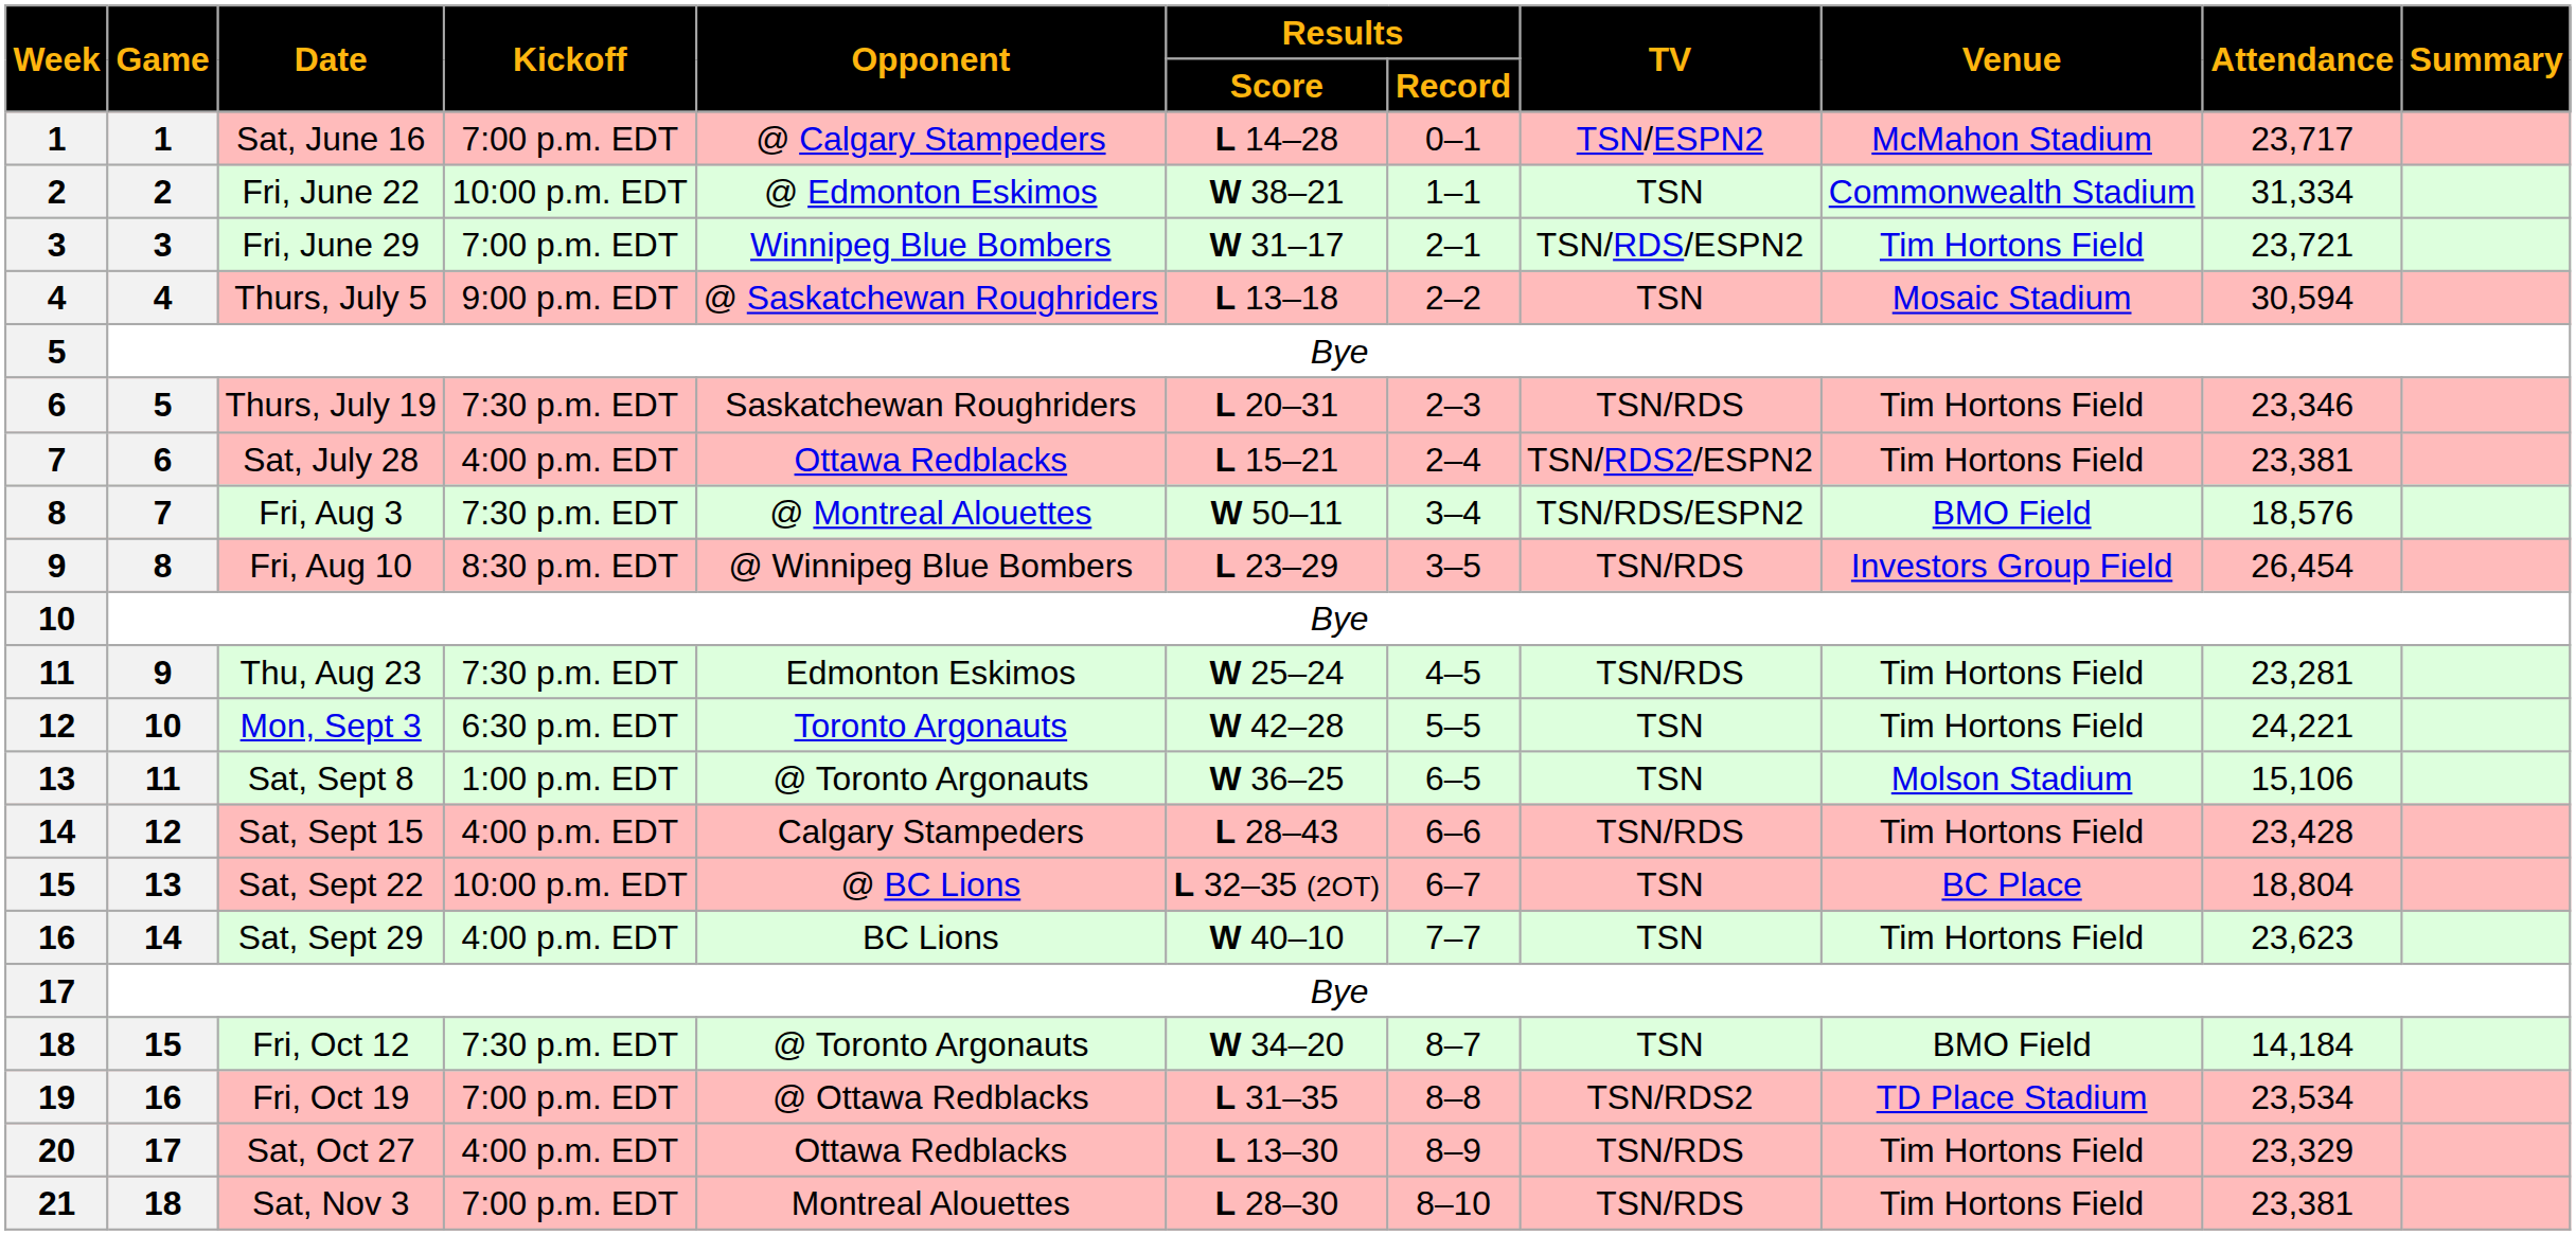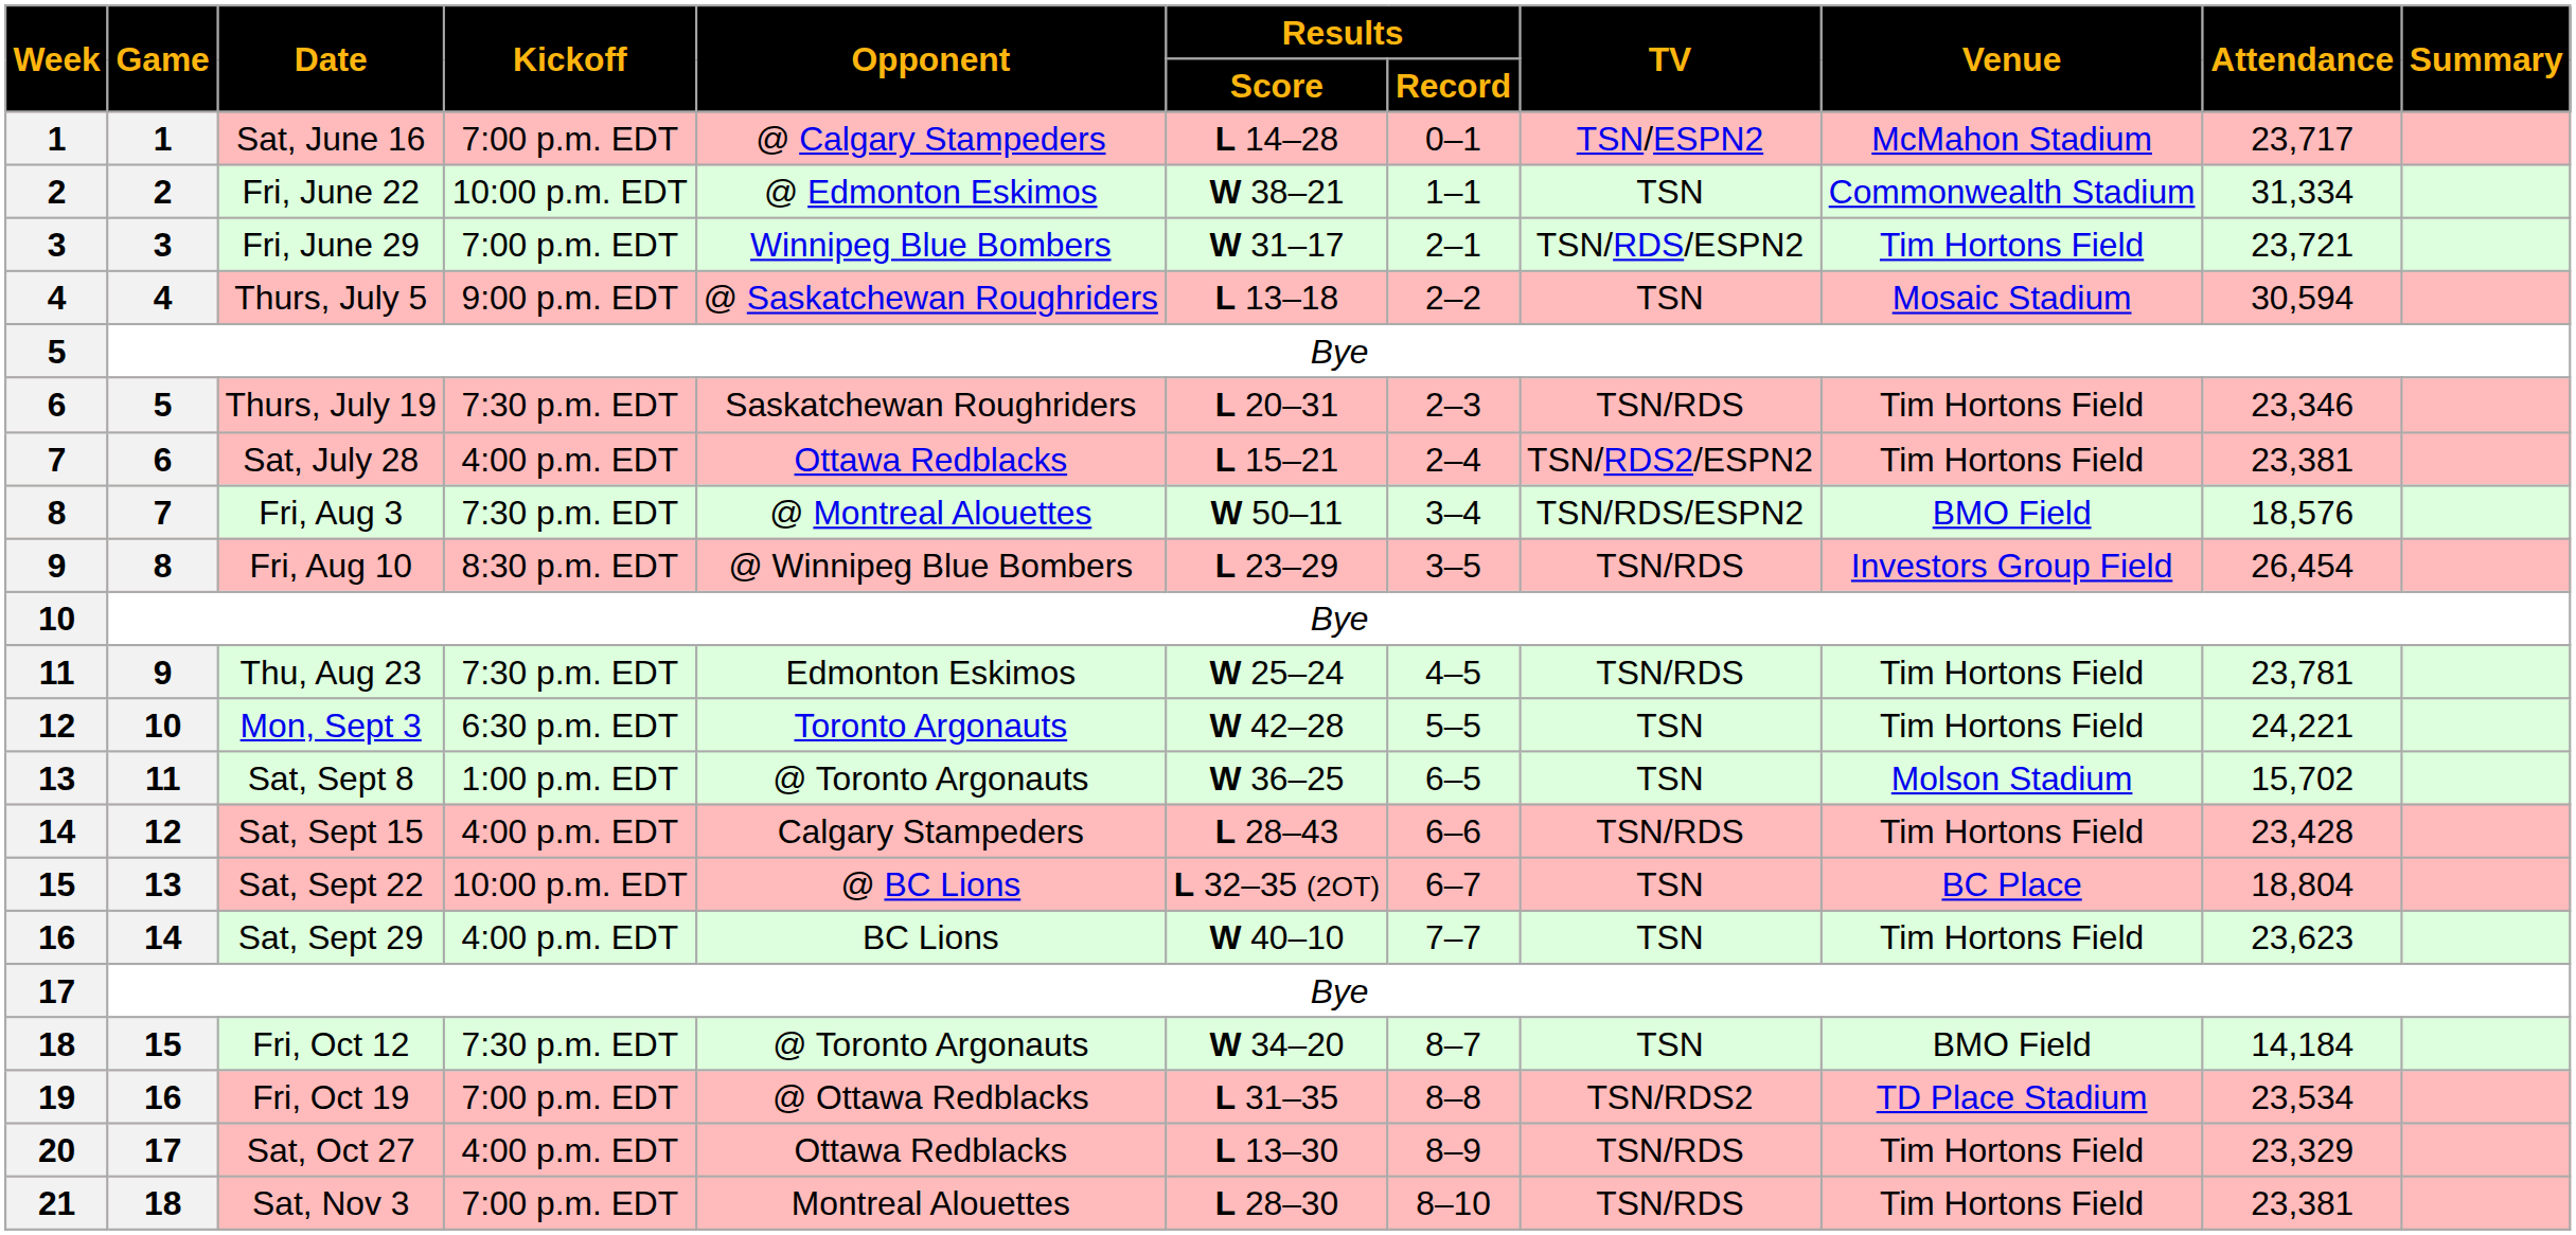 <table class="wikitable" style="font-size: 95%;">
 <tr>
 <th style="background:black;color:#FFB60F;" rowspan=2>Week</th>
 <th style="background:black;color:#FFB60F;" rowspan=2>Game</th>
 <th style="background:black;color:#FFB60F;" rowspan=2>Date</th>
 <th style="background:black;color:#FFB60F;" rowspan=2>Kickoff</th>
 <th style="background:black;color:#FFB60F;" rowspan=2>Opponent</th>
 <th style="background:black;color:#FFB60F;" colspan=2>Results</th>
 <th style="background:black;color:#FFB60F;" rowspan=2>TV</th>
 <th style="background:black;color:#FFB60F;" rowspan=2>Venue</th>
 <th style="background:black;color:#FFB60F;" rowspan=2>Attendance</th>
 <th style="background:black;color:#FFB60F;" rowspan=2>Summary</th>
 </tr>
 <tr>
 <th style="background:black;color:#FFB60F;">Score</th>
 <th style="background:black;color:#FFB60F;">Record</th>
 </tr>
 <tr align="center"= bgcolor="ffbbbb">
 <th align="center">1</th>
 <th align="center">1</th>
 <td align="center">Sat, June 16</td>
 <td align="center">7:00 p.m. EDT</td>
 <td align="center">@ <a href='#'>Calgary Stampeders</a></td>
 <td align="center"><strong>L</strong> 14–28</td>
 <td align="center">0–1</td>
 <td align="center"><a href='#'>TSN</a>/<a href='#'>ESPN2</a></td>
 <td align="center"><a href='#'>McMahon Stadium</a></td>
 <td align="center">23,717</td>
 <td align="center"></td>
 </tr>
 <tr align="center"= bgcolor="ddffdd">
 <th align="center">2</th>
 <th align="center">2</th>
 <td align="center">Fri, June 22</td>
 <td align="center">10:00 p.m. EDT</td>
 <td align="center">@ <a href='#'>Edmonton Eskimos</a></td>
 <td align="center"><strong>W</strong> 38–21</td>
 <td align="center">1–1</td>
 <td align="center">TSN</td>
 <td align="center"><a href='#'>Commonwealth Stadium</a></td>
 <td align="center">31,334</td>
 <td align="center"></td>
 </tr>
 <tr align="center"= bgcolor="ddffdd">
 <th align="center">3</th>
 <th align="center">3</th>
 <td align="center">Fri, June 29</td>
 <td align="center">7:00 p.m. EDT</td>
 <td align="center"><a href='#'>Winnipeg Blue Bombers</a></td>
 <td align="center"><strong>W</strong> 31–17</td>
 <td align="center">2–1</td>
 <td align="center">TSN/<a href='#'>RDS</a>/ESPN2</td>
 <td align="center"><a href='#'>Tim Hortons Field</a></td>
 <td align="center">23,721</td>
 <td align="center"></td>
 </tr>
 <tr align="center"= bgcolor="ffbbbb">
 <th align="center">4</th>
 <th align="center">4</th>
 <td align="center">Thurs, July 5</td>
 <td align="center">9:00 p.m. EDT</td>
 <td align="center">@ <a href='#'>Saskatchewan Roughriders</a></td>
 <td align="center"><strong>L</strong> 13–18</td>
 <td align="center">2–2</td>
 <td align="center">TSN</td>
 <td align="center"><a href='#'>Mosaic Stadium</a></td>
 <td align="center">30,594</td>
 <td align="center"></td>
 </tr>
 <tr align="center"= bgcolor="ffffff">
 <th align="center">5</th>
 <td colspan=10 align="center" valign="middle"><em>Bye</em></td>
 </tr>
 <tr align="center"= bgcolor="ffbbbb">
 <th align="center">6</th>
 <th align="center">5</th>
 <td align="center">Thurs, July 19</td>
 <td align="center">7:30 p.m. EDT</td>
 <td align="center">Saskatchewan Roughriders</td>
 <td align="center"><strong>L</strong> 20–31</td>
 <td align="center">2–3</td>
 <td align="center">TSN/RDS</td>
 <td align="center">Tim Hortons Field</td>
 <td align="center">23,346</td>
 <td align="center"></td>
 </tr>
 <tr align="center" bgcolor="ffbbbb">
 <th align="center">7</th>
 <th align="center">6</th>
 <td align="center">Sat, July 28</td>
 <td align="center">4:00 p.m. EDT</td>
 <td align="center"><a href='#'>Ottawa Redblacks</a></td>
 <td align="center"><strong>L</strong> 15–21</td>
 <td align="center">2–4</td>
 <td align="center">TSN/<a href='#'>RDS2</a>/ESPN2</td>
 <td align="center">Tim Hortons Field</td>
 <td align="center">23,381</td>
 <td align="center"></td>
 </tr>
 <tr align="center"= bgcolor="ddffdd">
 <th align="center">8</th>
 <th align="center">7</th>
 <td align="center">Fri, Aug 3</td>
 <td align="center">7:30 p.m. EDT</td>
 <td align="center">@ <a href='#'>Montreal Alouettes</a></td>
 <td align="center"><strong>W</strong> 50–11</td>
 <td align="center">3–4</td>
 <td align="center">TSN/RDS/ESPN2</td>
 <td align="center"><a href='#'>BMO Field</a></td>
 <td align="center">18,576</td>
 <td align="center"></td>
 </tr>
 <tr align="center"= bgcolor="ffbbbb">
 <th align="center">9</th>
 <th align="center">8</th>
 <td align="center">Fri, Aug 10</td>
 <td align="center">8:30 p.m. EDT</td>
 <td align="center">@ Winnipeg Blue Bombers</td>
 <td align="center"><strong>L</strong> 23–29</td>
 <td align="center">3–5</td>
 <td align="center">TSN/RDS</td>
 <td align="center"><a href='#'>Investors Group Field</a></td>
 <td align="center">26,454</td>
 <td align="center"></td>
 </tr>
 <tr align="center"= bgcolor="ffffff">
 <th align="center">10</th>
 <td colspan=10 align="center" valign="middle"><em>Bye</em></td>
 </tr>
 <tr align="center"= bgcolor="ddffdd">
 <th align="center">11</th>
 <th align="center">9</th>
 <td align="center">Thu, Aug 23</td>
 <td align="center">7:30 p.m. EDT</td>
 <td align="center">Edmonton Eskimos</td>
 <td align="center"><strong>W</strong> 25–24</td>
 <td align="center">4–5</td>
 <td align="center">TSN/RDS</td>
 <td align="center">Tim Hortons Field</td>
-<td align="center">23,281</td>
+<td align="center">23,781</td>
 <td align="center"></td>
 </tr>
 <tr align="center"= bgcolor="ddffdd">
 <th align="center">12</th>
 <th align="center">10</th>
 <td align="center"><a href='#'>Mon, Sept 3</a></td>
 <td align="center">6:30 p.m. EDT</td>
 <td align="center"><a href='#'>Toronto Argonauts</a></td>
 <td align="center"><strong>W</strong> 42–28</td>
 <td align="center">5–5</td>
 <td align="center">TSN</td>
 <td align="center">Tim Hortons Field</td>
 <td align="center">24,221</td>
 <td align="center"></td>
 </tr>
 <tr align="center"= bgcolor="ddffdd">
 <th align="center">13</th>
 <th align="center">11</th>
 <td align="center">Sat, Sept 8</td>
 <td align="center">1:00 p.m. EDT</td>
 <td align="center">@ Toronto Argonauts</td>
 <td align="center"><strong>W</strong> 36–25</td>
 <td align="center">6–5</td>
 <td align="center">TSN</td>
 <td align="center"><a href='#'>Molson Stadium</a></td>
-<td align="center">15,106</td>
+<td align="center">15,702</td>
 <td align="center"></td>
 </tr>
 <tr align="center"= bgcolor="ffbbbb">
 <th align="center">14</th>
 <th align="center">12</th>
 <td align="center">Sat, Sept 15</td>
 <td align="center">4:00 p.m. EDT</td>
 <td align="center">Calgary Stampeders</td>
 <td align="center"><strong>L</strong> 28–43</td>
 <td align="center">6–6</td>
 <td align="center">TSN/RDS</td>
 <td align="center">Tim Hortons Field</td>
 <td align="center">23,428</td>
 <td align="center"></td>
 </tr>
 <tr align="center"= bgcolor="ffbbbb">
 <th align="center">15</th>
 <th align="center">13</th>
 <td align="center">Sat, Sept 22</td>
 <td align="center">10:00 p.m. EDT</td>
 <td align="center">@ <a href='#'>BC Lions</a></td>
 <td align="center"><strong>L</strong> 32–35 <small>(2OT)</small></td>
 <td align="center">6–7</td>
 <td align="center">TSN</td>
 <td align="center"><a href='#'>BC Place</a></td>
 <td align="center">18,804</td>
 <td align="center"></td>
 </tr>
 <tr align="center"= bgcolor="ddffdd">
 <th align="center">16</th>
 <th align="center">14</th>
 <td align="center">Sat, Sept 29</td>
 <td align="center">4:00 p.m. EDT</td>
 <td align="center">BC Lions</td>
 <td align="center"><strong>W</strong> 40–10</td>
 <td align="center">7–7</td>
 <td align="center">TSN</td>
 <td align="center">Tim Hortons Field</td>
 <td align="center">23,623</td>
 <td align="center"></td>
 </tr>
 <tr align="center"= bgcolor="ffffff">
 <th align="center">17</th>
 <td colspan=10 align="center" valign="middle"><em>Bye</em></td>
 </tr>
 <tr align="center"= bgcolor="ddffdd">
 <th align="center">18</th>
 <th align="center">15</th>
 <td align="center">Fri, Oct 12</td>
 <td align="center">7:30 p.m. EDT</td>
 <td align="center">@ Toronto Argonauts</td>
 <td align="center"><strong>W</strong> 34–20</td>
 <td align="center">8–7</td>
 <td align="center">TSN</td>
 <td align="center">BMO Field</td>
 <td align="center">14,184</td>
 <td align="center"></td>
 </tr>
 <tr align="center"= bgcolor="ffbbbb">
 <th align="center">19</th>
 <th align="center">16</th>
 <td align="center">Fri, Oct 19</td>
 <td align="center">7:00 p.m. EDT</td>
 <td align="center">@ Ottawa Redblacks</td>
 <td align="center"><strong>L</strong> 31–35</td>
 <td align="center">8–8</td>
 <td align="center">TSN/RDS2</td>
 <td align="center"><a href='#'>TD Place Stadium</a></td>
 <td align="center">23,534</td>
 <td align="center"></td>
 </tr>
 <tr align="center"= bgcolor="ffbbbb">
 <th align="center">20</th>
 <th align="center">17</th>
 <td align="center">Sat, Oct 27</td>
 <td align="center">4:00 p.m. EDT</td>
 <td align="center">Ottawa Redblacks</td>
 <td align="center"><strong>L</strong> 13–30</td>
 <td align="center">8–9</td>
 <td align="center">TSN/RDS</td>
 <td align="center">Tim Hortons Field</td>
 <td align="center">23,329</td>
 <td align="center"></td>
 </tr>
 <tr align="center"= bgcolor="ffbbbb">
 <th align="center">21</th>
 <th align="center">18</th>
 <td align="center">Sat, Nov 3</td>
 <td align="center">7:00 p.m. EDT</td>
 <td align="center">Montreal Alouettes</td>
 <td align="center"><strong>L</strong> 28–30</td>
 <td align="center">8–10</td>
 <td align="center">TSN/RDS</td>
 <td align="center">Tim Hortons Field</td>
 <td align="center">23,381</td>
 <td align="center"></td>
 </tr>
 </table>
